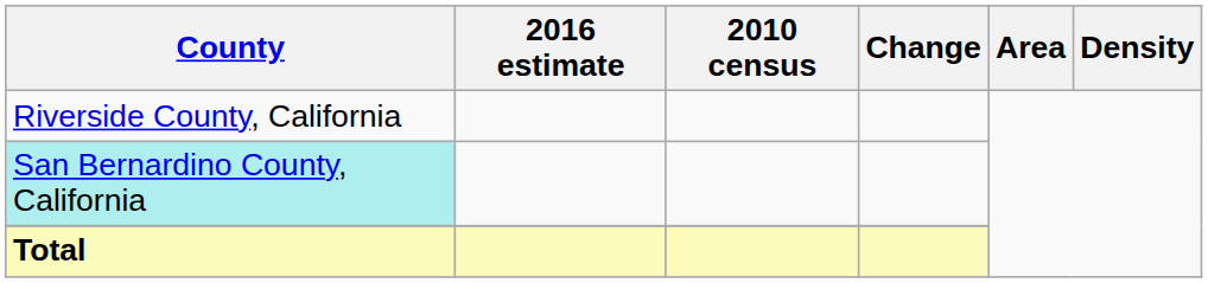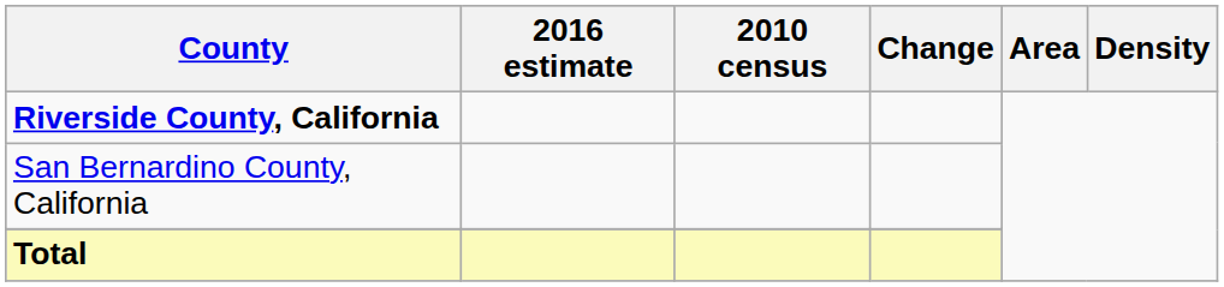 <table class="wikitable sortable">
 <tr>
 <th><a href='#'>County</a></th>
 <th>2016 estimate</th>
 <th>2010 census</th>
 <th>Change</th>
 <th>Area</th>
 <th>Density</th>
 </tr>
 <tr>
-<td><a href='#'>Riverside County</a>, California</td>
+<td><strong><a href='#'>Riverside County</a>, California</strong></td>
 <td></td>
 <td></td>
 <td></td>
 </tr>
 <tr>
-<td style="background: paleturquoise;"><a href='#'>San Bernardino County</a>, California</td>
+<td><a href='#'>San Bernardino County</a>, California</td>
 <td></td>
 <td></td>
 <td></td>
 </tr>
 <tr>
 </tr>
 <tr class=sortbottom style="background:#fbfbbb">
 <td><strong>Total</strong></td>
 <td></td>
 <td></td>
 <td></td>
 </tr>
 </table>
